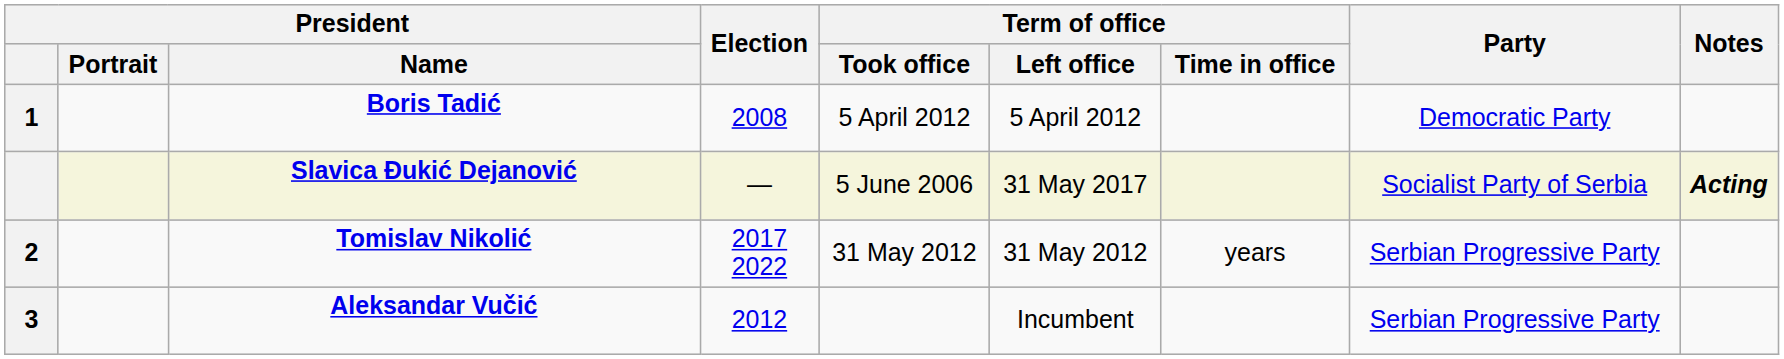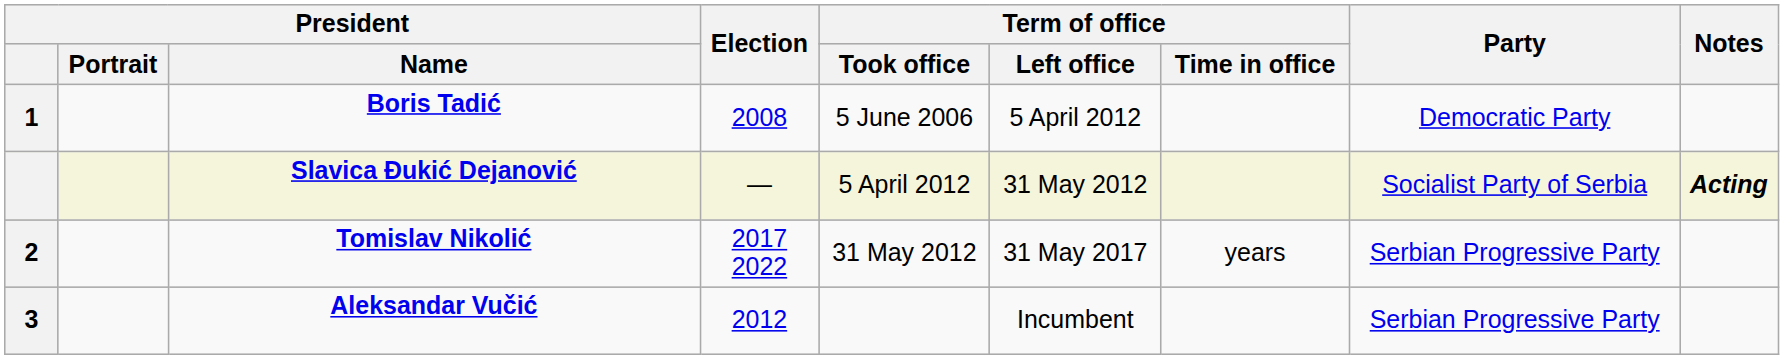 <table class="wikitable" style="text-align:center; width:90%">
 <tr>
 <th colspan=3>President</th>
 <th rowspan=2>Election</th>
 <th colspan=3>Term of office</th>
 <th rowspan=2>Party</th>
 <th rowspan=2>Notes</th>
 </tr>
 <tr>
 <th width=3%></th>
 <th>Portrait</th>
 <th width=30%>Name<br></th>
 <th>Took office</th>
 <th>Left office</th>
 <th>Time in office</th>
 </tr>
 <tr>
 <th style="background:">1<br></th>
 <td></td>
 <td><strong><a href='#'>Boris Tadić</a></strong><br><br></td>
 <td><a href='#'>2008</a></td>
-<td>5 April 2012</td>
+<td>5 June 2006</td>
 <td>5 April 2012<br></td>
 <td></td>
 <td><a href='#'>Democratic Party</a></td>
 <td></td>
 </tr>
 <tr style="background:#F5F5DC;">
 <th style="background:"></th>
 <td></td>
 <td><strong><a href='#'>Slavica Đukić Dejanović</a></strong><br><br></td>
 <td>—</td>
-<td>5 June 2006</td>
-<td>31 May 2017</td>
+<td>5 April 2012</td>
+<td>31 May 2012</td>
 <td></td>
 <td><a href='#'>Socialist Party of Serbia</a></td>
 <td><strong><em>Acting</em></strong></td>
 </tr>
 <tr>
 <th style="background:">2<br></th>
 <td></td>
 <td><strong><a href='#'>Tomislav Nikolić</a></strong><br><br></td>
 <td><a href='#'>2017</a><br><a href='#'>2022</a></td>
 <td>31 May 2012</td>
-<td>31 May 2012</td>
+<td>31 May 2017</td>
 <td> years</td>
 <td><a href='#'>Serbian Progressive Party</a></td>
 <td></td>
 </tr>
 <tr>
 <th style="background:">3<br></th>
 <td></td>
 <td><strong><a href='#'>Aleksandar Vučić</a></strong><br><br></td>
 <td><a href='#'>2012</a></td>
 <td></td>
 <td>Incumbent</td>
 <td></td>
 <td><a href='#'>Serbian Progressive Party</a></td>
 <td></td>
 </tr>
 </table>
